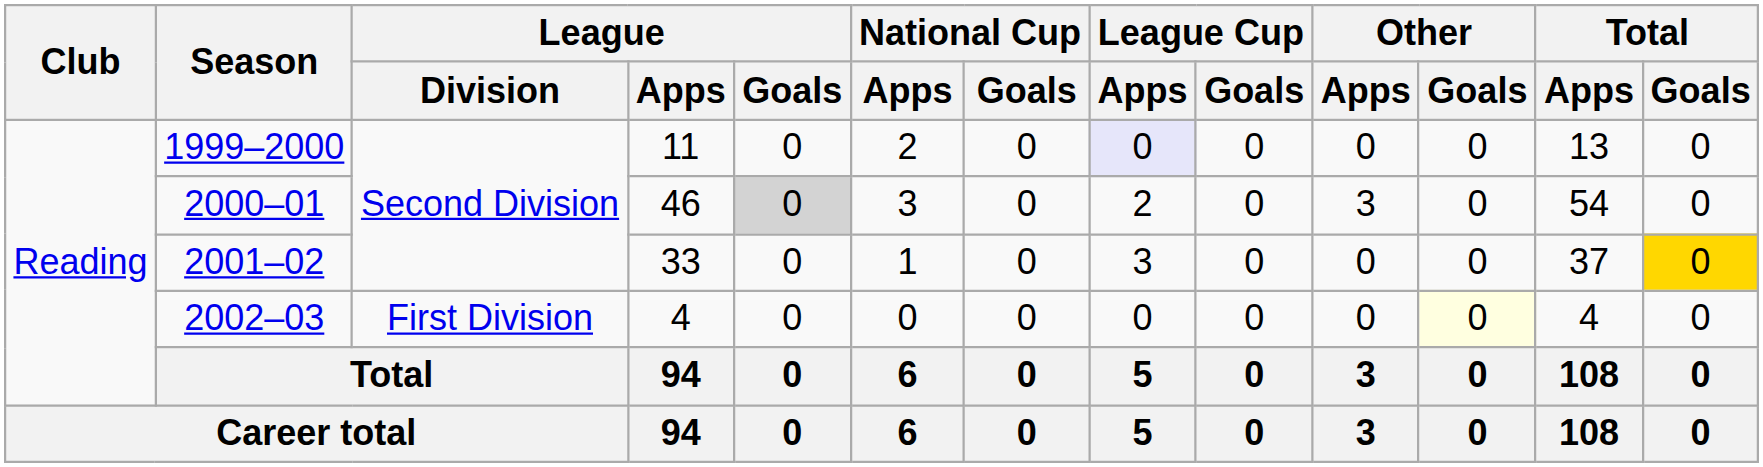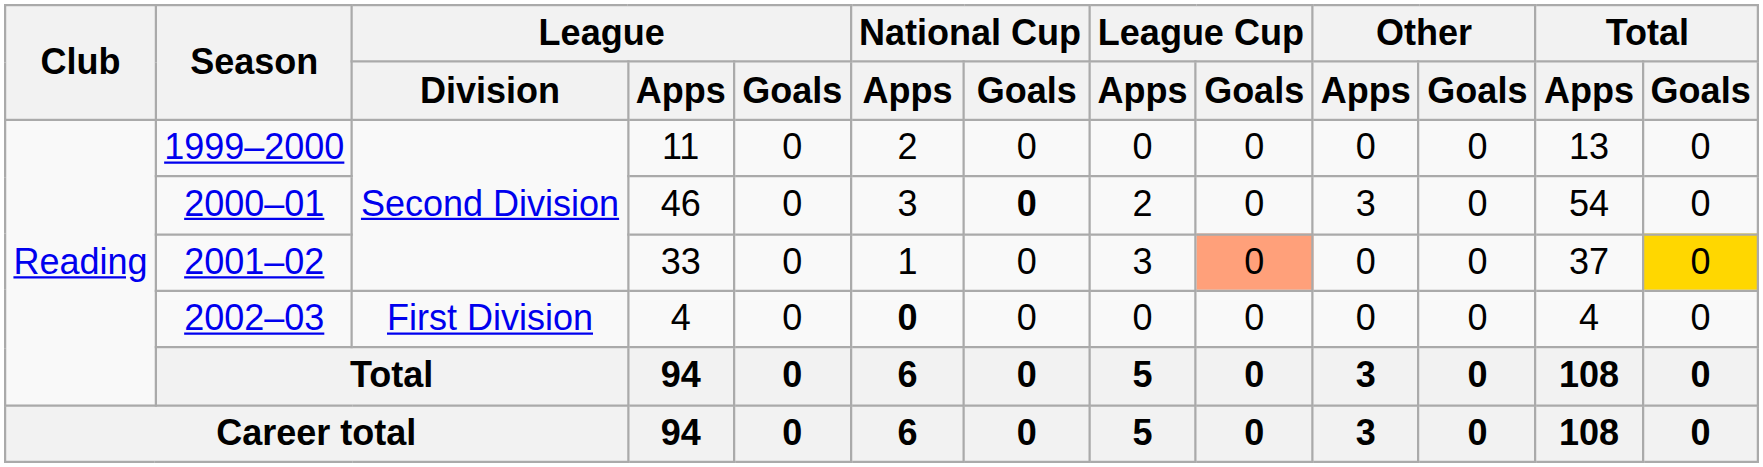 <table class="wikitable" style="text-align:center">
 <tr>
 <th rowspan="2">Club</th>
 <th rowspan="2">Season</th>
 <th colspan="3">League</th>
 <th colspan="2">National Cup</th>
 <th colspan="2">League Cup</th>
 <th colspan="2">Other</th>
 <th colspan="2">Total</th>
 </tr>
 <tr>
 <th>Division</th>
 <th>Apps</th>
 <th>Goals</th>
 <th>Apps</th>
 <th>Goals</th>
 <th>Apps</th>
 <th>Goals</th>
 <th>Apps</th>
 <th>Goals</th>
 <th>Apps</th>
 <th>Goals</th>
 </tr>
 <tr>
 <td rowspan="5"><a href='#'>Reading</a></td>
 <td><a href='#'>1999–2000</a></td>
 <td rowspan="3"><a href='#'>Second Division</a></td>
 <td>11</td>
 <td>0</td>
 <td>2</td>
 <td>0</td>
-<td style="background: lavender;">0</td>
+<td>0</td>
 <td>0</td>
 <td>0</td>
 <td>0</td>
 <td>13</td>
 <td>0</td>
 </tr>
 <tr>
 <td><a href='#'>2000–01</a></td>
 <td>46</td>
-<td style="background: lightgrey;">0</td>
+<td>0</td>
 <td>3</td>
-<td>0</td>
+<td><strong>0</strong></td>
 <td>2</td>
 <td>0</td>
 <td>3</td>
 <td>0</td>
 <td>54</td>
 <td>0</td>
 </tr>
 <tr>
 <td><a href='#'>2001–02</a></td>
 <td>33</td>
 <td>0</td>
 <td>1</td>
 <td>0</td>
 <td>3</td>
-<td>0</td>
+<td style="background: lightsalmon;">0</td>
 <td>0</td>
 <td>0</td>
 <td>37</td>
 <td style="background: gold;">0</td>
 </tr>
 <tr>
 <td><a href='#'>2002–03</a></td>
 <td rowspan="1"><a href='#'>First Division</a></td>
 <td>4</td>
 <td>0</td>
+<td><strong>0</strong></td>
 <td>0</td>
 <td>0</td>
 <td>0</td>
 <td>0</td>
 <td>0</td>
-<td style="background: lightyellow;">0</td>
 <td>4</td>
 <td>0</td>
 </tr>
 <tr>
 <th colspan="2">Total</th>
 <th>94</th>
 <th>0</th>
 <th>6</th>
 <th>0</th>
 <th>5</th>
 <th>0</th>
 <th>3</th>
 <th>0</th>
 <th>108</th>
 <th>0</th>
 </tr>
 <tr>
 <th colspan="3">Career total</th>
 <th>94</th>
 <th>0</th>
 <th>6</th>
 <th>0</th>
 <th>5</th>
 <th>0</th>
 <th>3</th>
 <th>0</th>
 <th>108</th>
 <th>0</th>
 </tr>
 </table>
